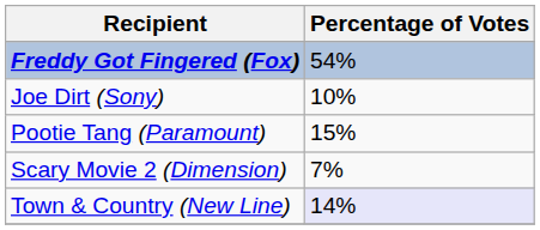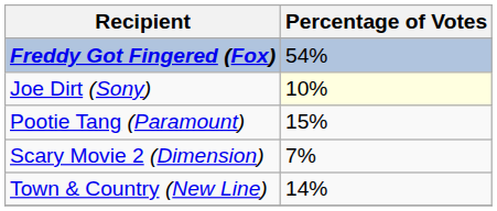 <table class="wikitable sortable plainrowheaders" align="centre">
 <tr>
 <th>Recipient</th>
 <th>Percentage of Votes</th>
 </tr>
 <tr>
 </tr>
 <tr style="background:#B0C4DE;">
 <td><strong><em><a href='#'>Freddy Got Fingered</a><em> (<a href='#'>Fox</a>)<strong></td>
 <td></strong>54%<strong></td>
 </tr>
 <tr>
 <td></em><a href='#'>Joe Dirt</a><em> (<a href='#'>Sony</a>)</td>
-<td>10%</td>
+<td style="background: lightyellow;">10%</td>
 </tr>
 <tr>
 <td></em><a href='#'>Pootie Tang</a><em> (<a href='#'>Paramount</a>)</td>
 <td>15%</td>
 </tr>
 <tr>
 <td></em><a href='#'>Scary Movie 2</a><em> (<a href='#'>Dimension</a>)</td>
 <td>7%</td>
 </tr>
 <tr>
 <td></em><a href='#'>Town & Country</a><em> (<a href='#'>New Line</a>)</td>
-<td style="background: lavender;">14%</td>
+<td>14%</td>
 </tr>
 <tr>
 </tr>
 </table>
